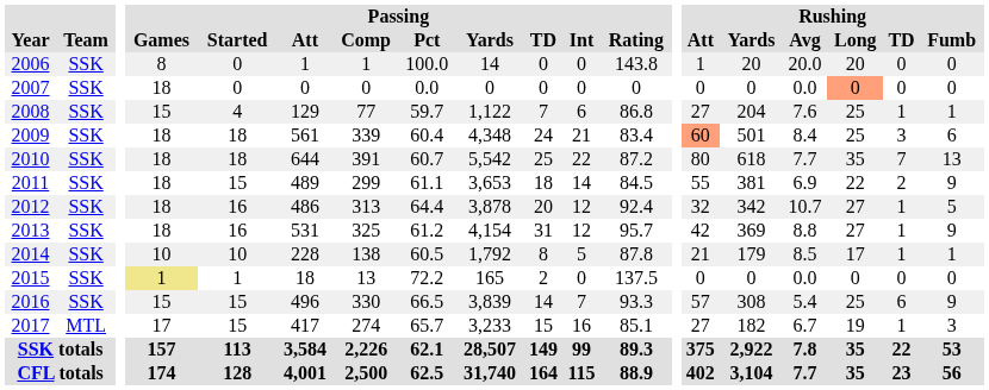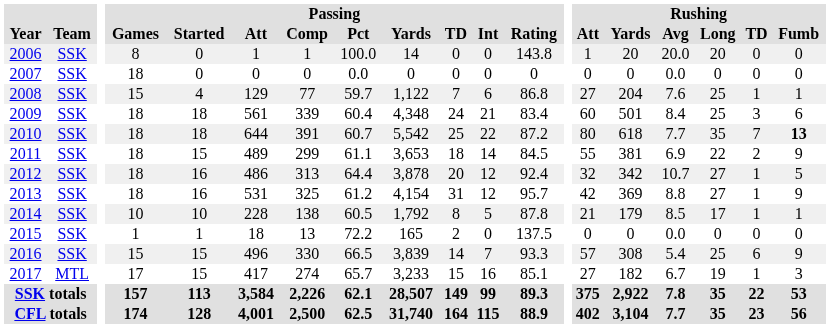 <table BORDER="0" CELLPADDING="1" CELLSPACING="0" width="65%" style="text-align:center">
 <tr bgcolor="#e0e0e0">
 <th colspan="2"></th>
 <th rowspan="99" bgcolor="#ffffff"> </th>
 <th colspan="9">Passing</th>
 <th rowspan="99" bgcolor="#ffffff"> </th>
 <th colspan="6">Rushing</th>
 </tr>
 <tr bgcolor="#e0e0e0">
 <th>Year</th>
 <th>Team</th>
 <th>Games</th>
 <th>Started</th>
 <th>Att</th>
 <th>Comp</th>
 <th>Pct</th>
 <th>Yards</th>
 <th>TD</th>
 <th>Int</th>
 <th>Rating</th>
 <th>Att</th>
 <th>Yards</th>
 <th>Avg</th>
 <th>Long</th>
 <th>TD</th>
 <th>Fumb</th>
 </tr>
 <tr ALIGN="center" bgcolor="#f0f0f0">
 <td><a href='#'>2006</a></td>
 <td><a href='#'>SSK</a></td>
 <td>8</td>
 <td>0</td>
 <td>1</td>
 <td>1</td>
 <td>100.0</td>
 <td>14</td>
 <td>0</td>
 <td>0</td>
 <td>143.8</td>
 <td>1</td>
 <td>20</td>
 <td>20.0</td>
 <td>20</td>
 <td>0</td>
 <td>0</td>
 </tr>
 <tr ALIGN="center">
 <td><a href='#'>2007</a></td>
 <td><a href='#'>SSK</a></td>
 <td>18</td>
 <td>0</td>
 <td>0</td>
 <td>0</td>
 <td>0.0</td>
 <td>0</td>
 <td>0</td>
 <td>0</td>
 <td>0</td>
 <td>0</td>
 <td>0</td>
 <td>0.0</td>
-<td style="background: lightsalmon;">0</td>
+<td>0</td>
 <td>0</td>
 <td>0</td>
 </tr>
 <tr ALIGN="center" bgcolor="#f0f0f0">
 <td><a href='#'>2008</a></td>
 <td><a href='#'>SSK</a></td>
 <td>15</td>
 <td>4</td>
 <td>129</td>
 <td>77</td>
 <td>59.7</td>
 <td>1,122</td>
 <td>7</td>
 <td>6</td>
 <td>86.8</td>
 <td>27</td>
 <td>204</td>
 <td>7.6</td>
 <td>25</td>
 <td>1</td>
 <td>1</td>
 </tr>
 <tr ALIGN="center">
 <td><a href='#'>2009</a></td>
 <td><a href='#'>SSK</a></td>
 <td>18</td>
 <td>18</td>
 <td>561</td>
 <td>339</td>
 <td>60.4</td>
 <td>4,348</td>
 <td>24</td>
 <td>21</td>
 <td>83.4</td>
-<td style="background: lightsalmon;">60</td>
+<td>60</td>
 <td>501</td>
 <td>8.4</td>
 <td>25</td>
 <td>3</td>
 <td>6</td>
 </tr>
 <tr ALIGN="center" bgcolor="#f0f0f0">
 <td><a href='#'>2010</a></td>
 <td><a href='#'>SSK</a></td>
 <td>18</td>
 <td>18</td>
 <td>644</td>
 <td>391</td>
 <td>60.7</td>
 <td>5,542</td>
 <td>25</td>
 <td>22</td>
 <td>87.2</td>
 <td>80</td>
 <td>618</td>
 <td>7.7</td>
 <td>35</td>
 <td>7</td>
-<td>13</td>
+<td><strong>13</strong></td>
 </tr>
 <tr ALIGN="center">
 <td><a href='#'>2011</a></td>
 <td><a href='#'>SSK</a></td>
 <td>18</td>
 <td>15</td>
 <td>489</td>
 <td>299</td>
 <td>61.1</td>
 <td>3,653</td>
 <td>18</td>
 <td>14</td>
 <td>84.5</td>
 <td>55</td>
 <td>381</td>
 <td>6.9</td>
 <td>22</td>
 <td>2</td>
 <td>9</td>
 </tr>
 <tr ALIGN="center" bgcolor="#f0f0f0">
 <td><a href='#'>2012</a></td>
 <td><a href='#'>SSK</a></td>
 <td>18</td>
 <td>16</td>
 <td>486</td>
 <td>313</td>
 <td>64.4</td>
 <td>3,878</td>
 <td>20</td>
 <td>12</td>
 <td>92.4</td>
 <td>32</td>
 <td>342</td>
 <td>10.7</td>
 <td>27</td>
 <td>1</td>
 <td>5</td>
 </tr>
 <tr ALIGN= "center">
 <td><a href='#'>2013</a></td>
 <td><a href='#'>SSK</a></td>
 <td>18</td>
 <td>16</td>
 <td>531</td>
 <td>325</td>
 <td>61.2</td>
 <td>4,154</td>
 <td>31</td>
 <td>12</td>
 <td>95.7</td>
 <td>42</td>
 <td>369</td>
 <td>8.8</td>
 <td>27</td>
 <td>1</td>
 <td>9</td>
 </tr>
 <tr ALIGN="center" bgcolor="#f0f0f0">
 <td><a href='#'>2014</a></td>
 <td><a href='#'>SSK</a></td>
 <td>10</td>
 <td>10</td>
 <td>228</td>
 <td>138</td>
 <td>60.5</td>
 <td>1,792</td>
 <td>8</td>
 <td>5</td>
 <td>87.8</td>
 <td>21</td>
 <td>179</td>
 <td>8.5</td>
 <td>17</td>
 <td>1</td>
 <td>1</td>
 </tr>
 <tr ALIGN= "center">
 <td><a href='#'>2015</a></td>
 <td><a href='#'>SSK</a></td>
-<td style="background: khaki;">1</td>
+<td>1</td>
 <td>1</td>
 <td>18</td>
 <td>13</td>
 <td>72.2</td>
 <td>165</td>
 <td>2</td>
 <td>0</td>
 <td>137.5</td>
 <td>0</td>
 <td>0</td>
 <td>0.0</td>
 <td>0</td>
 <td>0</td>
 <td>0</td>
 </tr>
 <tr ALIGN="center" bgcolor="#f0f0f0">
 <td><a href='#'>2016</a></td>
 <td><a href='#'>SSK</a></td>
 <td>15</td>
 <td>15</td>
 <td>496</td>
 <td>330</td>
 <td>66.5</td>
 <td>3,839</td>
 <td>14</td>
 <td>7</td>
 <td>93.3</td>
 <td>57</td>
 <td>308</td>
 <td>5.4</td>
 <td>25</td>
 <td>6</td>
 <td>9</td>
 </tr>
 <tr ALIGN="center">
 <td><a href='#'>2017</a></td>
 <td><a href='#'>MTL</a></td>
 <td>17</td>
 <td>15</td>
 <td>417</td>
 <td>274</td>
 <td>65.7</td>
 <td>3,233</td>
 <td>15</td>
 <td>16</td>
 <td>85.1</td>
 <td>27</td>
 <td>182</td>
 <td>6.7</td>
 <td>19</td>
 <td>1</td>
 <td>3</td>
 </tr>
 <tr bgcolor="#e0e0e0">
 <th colspan="2"><a href='#'>SSK</a> totals</th>
 <th>157</th>
 <th>113</th>
 <th>3,584</th>
 <th>2,226</th>
 <th>62.1</th>
 <th>28,507</th>
 <th>149</th>
 <th>99</th>
 <th>89.3</th>
 <th>375</th>
 <th>2,922</th>
 <th>7.8</th>
 <th>35</th>
 <th>22</th>
 <th>53</th>
 </tr>
 <tr bgcolor="#e0e0e0">
 <th colspan="2"><a href='#'>CFL</a> totals</th>
 <th>174</th>
 <th>128</th>
 <th>4,001</th>
 <th>2,500</th>
 <th>62.5</th>
 <th>31,740</th>
 <th>164</th>
 <th>115</th>
 <th>88.9</th>
 <th>402</th>
 <th>3,104</th>
 <th>7.7</th>
 <th>35</th>
 <th>23</th>
 <th>56</th>
 </tr>
 </table>
